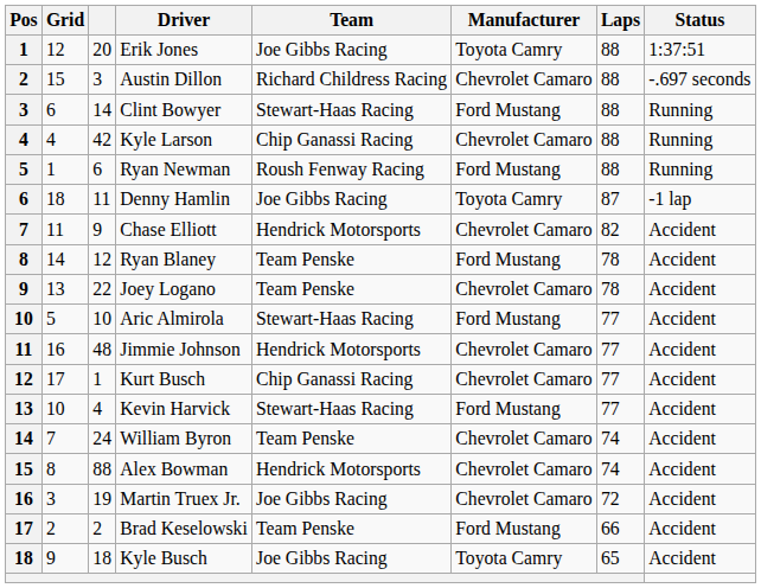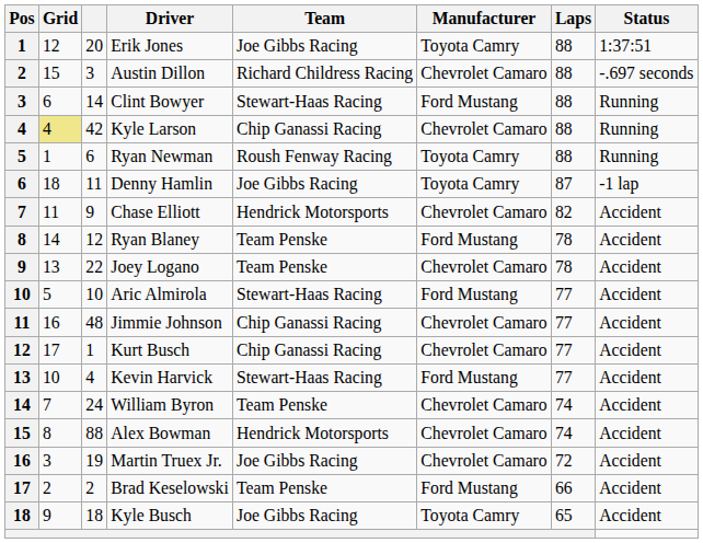 <table class="wikitable" style="font-size:98%">
 <tr>
 <th>Pos</th>
 <th>Grid</th>
 <th></th>
 <th>Driver</th>
 <th>Team</th>
 <th>Manufacturer</th>
 <th>Laps</th>
 <th>Status</th>
 </tr>
 <tr>
 <th>1</th>
 <td>12</td>
 <td>20</td>
 <td>Erik Jones</td>
 <td>Joe Gibbs Racing</td>
 <td>Toyota Camry</td>
 <td>88</td>
 <td>1:37:51</td>
 </tr>
 <tr>
 <th>2</th>
 <td>15</td>
 <td>3</td>
 <td>Austin Dillon</td>
 <td>Richard Childress Racing</td>
 <td>Chevrolet Camaro</td>
 <td>88</td>
 <td>-.697 seconds</td>
 </tr>
 <tr>
 <th>3</th>
 <td>6</td>
 <td>14</td>
 <td>Clint Bowyer</td>
 <td>Stewart-Haas Racing</td>
 <td>Ford Mustang</td>
 <td>88</td>
 <td>Running</td>
 </tr>
 <tr>
 <th>4</th>
-<td>4</td>
+<td style="background: khaki;">4</td>
 <td>42</td>
 <td>Kyle Larson</td>
 <td>Chip Ganassi Racing</td>
 <td>Chevrolet Camaro</td>
 <td>88</td>
 <td>Running</td>
 </tr>
 <tr>
 <th>5</th>
 <td>1</td>
 <td>6</td>
 <td>Ryan Newman</td>
 <td>Roush Fenway Racing</td>
-<td>Ford Mustang</td>
+<td>Toyota Camry</td>
 <td>88</td>
 <td>Running</td>
 </tr>
 <tr>
 <th>6</th>
 <td>18</td>
 <td>11</td>
 <td>Denny Hamlin</td>
 <td>Joe Gibbs Racing</td>
 <td>Toyota Camry</td>
 <td>87</td>
 <td>-1 lap</td>
 </tr>
 <tr>
 <th>7</th>
 <td>11</td>
 <td>9</td>
 <td>Chase Elliott</td>
 <td>Hendrick Motorsports</td>
 <td>Chevrolet Camaro</td>
 <td>82</td>
 <td>Accident</td>
 </tr>
 <tr>
 <th>8</th>
 <td>14</td>
 <td>12</td>
 <td>Ryan Blaney</td>
 <td>Team Penske</td>
 <td>Ford Mustang</td>
 <td>78</td>
 <td>Accident</td>
 </tr>
 <tr>
 <th>9</th>
 <td>13</td>
 <td>22</td>
 <td>Joey Logano</td>
 <td>Team Penske</td>
 <td>Chevrolet Camaro</td>
 <td>78</td>
 <td>Accident</td>
 </tr>
 <tr>
 <th>10</th>
 <td>5</td>
 <td>10</td>
 <td>Aric Almirola</td>
 <td>Stewart-Haas Racing</td>
 <td>Ford Mustang</td>
 <td>77</td>
 <td>Accident</td>
 </tr>
 <tr>
 <th>11</th>
 <td>16</td>
 <td>48</td>
 <td>Jimmie Johnson</td>
-<td>Hendrick Motorsports</td>
+<td>Chip Ganassi Racing</td>
 <td>Chevrolet Camaro</td>
 <td>77</td>
 <td>Accident</td>
 </tr>
 <tr>
 <th>12</th>
 <td>17</td>
 <td>1</td>
 <td>Kurt Busch</td>
 <td>Chip Ganassi Racing</td>
 <td>Chevrolet Camaro</td>
 <td>77</td>
 <td>Accident</td>
 </tr>
 <tr>
 <th>13</th>
 <td>10</td>
 <td>4</td>
 <td>Kevin Harvick</td>
 <td>Stewart-Haas Racing</td>
 <td>Ford Mustang</td>
 <td>77</td>
 <td>Accident</td>
 </tr>
 <tr>
 <th>14</th>
 <td>7</td>
 <td>24</td>
 <td>William Byron</td>
 <td>Team Penske</td>
 <td>Chevrolet Camaro</td>
 <td>74</td>
 <td>Accident</td>
 </tr>
 <tr>
 <th>15</th>
 <td>8</td>
 <td>88</td>
 <td>Alex Bowman</td>
 <td>Hendrick Motorsports</td>
 <td>Chevrolet Camaro</td>
 <td>74</td>
 <td>Accident</td>
 </tr>
 <tr>
 <th>16</th>
 <td>3</td>
 <td>19</td>
 <td>Martin Truex Jr.</td>
 <td>Joe Gibbs Racing</td>
 <td>Chevrolet Camaro</td>
 <td>72</td>
 <td>Accident</td>
 </tr>
 <tr>
 <th>17</th>
 <td>2</td>
 <td>2</td>
 <td>Brad Keselowski</td>
 <td>Team Penske</td>
 <td>Ford Mustang</td>
 <td>66</td>
 <td>Accident</td>
 </tr>
 <tr>
 <th>18</th>
 <td>9</td>
 <td>18</td>
 <td>Kyle Busch</td>
 <td>Joe Gibbs Racing</td>
 <td>Toyota Camry</td>
 <td>65</td>
 <td>Accident</td>
 </tr>
 <tr>
 <th colspan="7"></th>
 </tr>
 </table>
